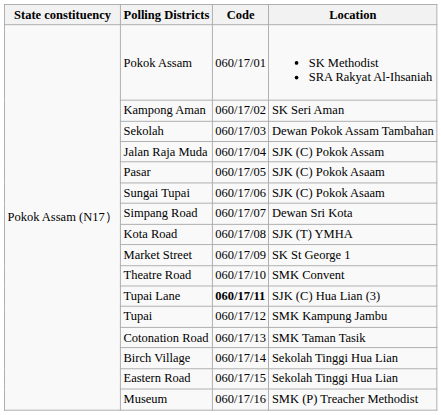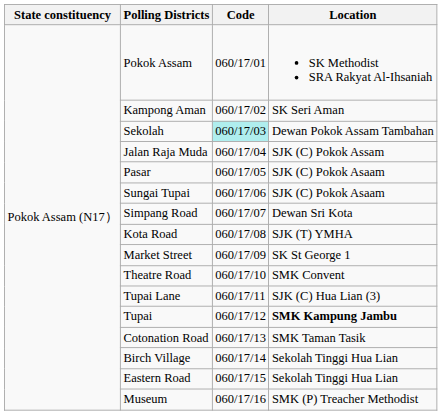 <table class="wikitable sortable mw-collapsible" style="white-space:nowrap;font-size:85%">
 <tr>
 <th>State constituency</th>
 <th>Polling Districts</th>
 <th>Code</th>
 <th>Location</th>
 </tr>
 <tr>
 <td rowspan="16">Pokok Assam (N17）</td>
 <td>Pokok Assam</td>
 <td>060/17/01</td>
 <td><br><ul><li>SK Methodist</li><li>SRA Rakyat Al-Ihsaniah</li></ul></td>
 </tr>
 <tr>
 <td>Kampong Aman</td>
 <td>060/17/02</td>
 <td>SK Seri Aman</td>
 </tr>
 <tr>
 <td>Sekolah</td>
-<td>060/17/03</td>
+<td style="background: paleturquoise;">060/17/03</td>
 <td>Dewan Pokok Assam Tambahan</td>
 </tr>
 <tr>
 <td>Jalan Raja Muda</td>
 <td>060/17/04</td>
 <td>SJK (C) Pokok Assam</td>
 </tr>
 <tr>
 <td>Pasar</td>
 <td>060/17/05</td>
 <td>SJK (C) Pokok Asaam</td>
 </tr>
 <tr>
 <td>Sungai Tupai</td>
 <td>060/17/06</td>
 <td>SJK (C) Pokok Asaam</td>
 </tr>
 <tr>
 <td>Simpang Road</td>
 <td>060/17/07</td>
 <td>Dewan Sri Kota</td>
 </tr>
 <tr>
 <td>Kota Road</td>
 <td>060/17/08</td>
 <td>SJK (T) YMHA</td>
 </tr>
 <tr>
 <td>Market Street</td>
 <td>060/17/09</td>
 <td>SK St George 1</td>
 </tr>
 <tr>
 <td>Theatre Road</td>
 <td>060/17/10</td>
 <td>SMK Convent</td>
 </tr>
 <tr>
 <td>Tupai Lane</td>
-<td><strong>060/17/11</strong></td>
+<td>060/17/11</td>
 <td>SJK (C) Hua Lian (3)</td>
 </tr>
 <tr>
 <td>Tupai</td>
 <td>060/17/12</td>
-<td>SMK Kampung Jambu</td>
+<td><strong>SMK Kampung Jambu</strong></td>
 </tr>
 <tr>
 <td>Cotonation Road</td>
 <td>060/17/13</td>
 <td>SMK Taman Tasik</td>
 </tr>
 <tr>
 <td>Birch Village</td>
 <td>060/17/14</td>
 <td>Sekolah Tinggi Hua Lian</td>
 </tr>
 <tr>
 <td>Eastern Road</td>
 <td>060/17/15</td>
 <td>Sekolah Tinggi Hua Lian</td>
 </tr>
 <tr>
 <td>Museum</td>
 <td>060/17/16</td>
 <td>SMK (P) Treacher Methodist</td>
 </tr>
 </table>
